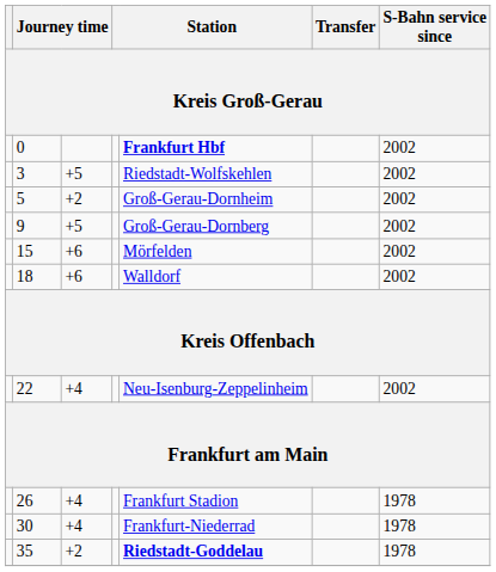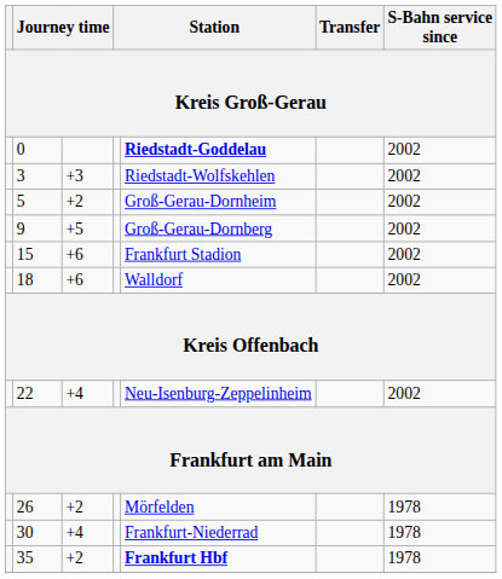 <table class="wikitable" summary="Stations of the S7 service">
 <tr>
 <th align="center" scope="col"></th>
 <th colspan="2">Journey time</th>
 <th colspan="2" scope="col">Station</th>
 <th scope="col">Transfer</th>
 <th scope="col">S-Bahn service<br>since</th>
 </tr>
 <tr>
 <th colspan="13" align="center" class="hintergrundfarbe5"><br><h3>Kreis Groß-Gerau</h3></th>
 </tr>
 <tr>
 <td></td>
 <td>0</td>
 <td></td>
 <td></td>
-<td><strong><a href='#'>Frankfurt Hbf</a></strong></td>
+<td><strong><a href='#'>Riedstadt-Goddelau</a></strong></td>
 <td></td>
 <td>2002</td>
 </tr>
 <tr>
 <td></td>
 <td>3</td>
-<td>+5</td>
+<td>+3</td>
 <td></td>
 <td><a href='#'>Riedstadt-Wolfskehlen</a></td>
 <td></td>
 <td>2002</td>
 </tr>
 <tr>
 <td></td>
 <td>5</td>
 <td>+2</td>
 <td></td>
 <td><a href='#'>Groß-Gerau-Dornheim</a></td>
 <td></td>
 <td>2002</td>
 </tr>
 <tr>
 <td></td>
 <td>9</td>
 <td>+5</td>
 <td></td>
 <td><a href='#'>Groß-Gerau-Dornberg</a></td>
 <td></td>
 <td>2002</td>
 </tr>
 <tr>
 <td></td>
 <td>15</td>
 <td>+6</td>
 <td></td>
-<td><a href='#'>Mörfelden</a></td>
+<td><a href='#'>Frankfurt Stadion</a></td>
 <td></td>
 <td>2002</td>
 </tr>
 <tr>
 <td></td>
 <td>18</td>
 <td>+6</td>
 <td></td>
 <td><a href='#'>Walldorf</a></td>
 <td></td>
 <td>2002</td>
 </tr>
 <tr>
 <th colspan="13" align="center" class="hintergrundfarbe5"><br><h3>Kreis Offenbach</h3></th>
 </tr>
 <tr>
 <td></td>
 <td>22</td>
 <td>+4</td>
 <td></td>
 <td><a href='#'>Neu-Isenburg-Zeppelinheim</a></td>
 <td></td>
 <td>2002</td>
 </tr>
 <tr>
 <th colspan="13" align="center" class="hintergrundfarbe5"><br><h3>Frankfurt am Main</h3></th>
 </tr>
 <tr>
 <td></td>
 <td>26</td>
-<td>+4</td>
+<td>+2</td>
 <td></td>
-<td><a href='#'>Frankfurt Stadion</a></td>
+<td><a href='#'>Mörfelden</a></td>
 <td> </td>
 <td>1978</td>
 </tr>
 <tr>
 <td></td>
 <td>30</td>
 <td>+4</td>
 <td></td>
 <td><a href='#'>Frankfurt-Niederrad</a></td>
 <td> </td>
 <td>1978</td>
 </tr>
 <tr>
 <td></td>
 <td>35</td>
 <td>+2</td>
 <td></td>
-<td><strong><a href='#'>Riedstadt-Goddelau</a></strong></td>
+<td><strong><a href='#'>Frankfurt Hbf</a></strong></td>
 <td>         </td>
 <td>1978</td>
 </tr>
 <tr>
 </tr>
 </table>
